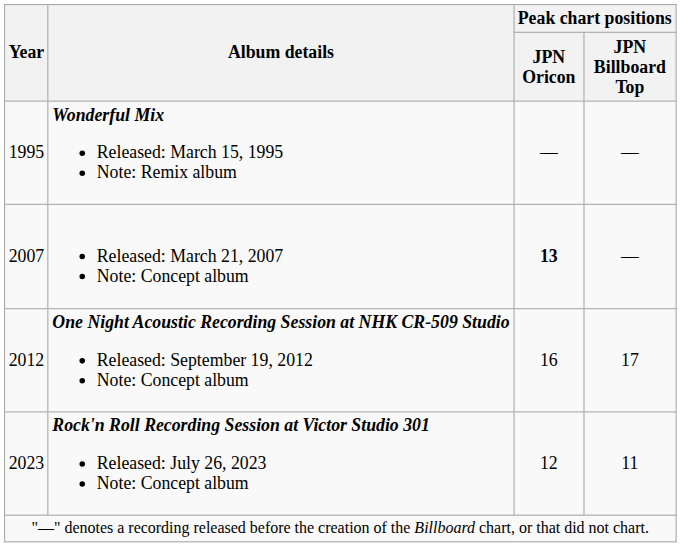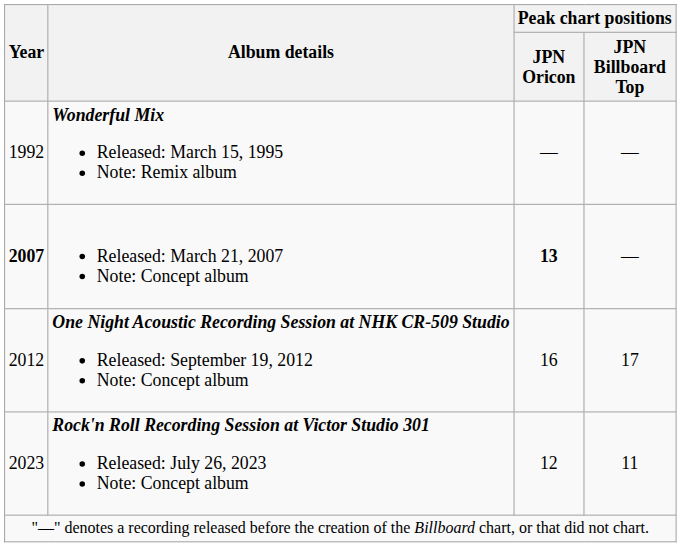 <table class="wikitable">
 <tr>
 <th scope="col" rowspan="2">Year</th>
 <th scope="col" rowspan="2">Album details</th>
 <th scope="col" colspan="2">Peak chart positions</th>
 </tr>
 <tr>
 <th>JPN<br>Oricon<br></th>
 <th>JPN<br>Billboard<br>Top<br></th>
 </tr>
 <tr>
-<td>1995</td>
+<td>1992</td>
 <td><strong><em>Wonderful Mix</em></strong><br><ul><li>Released: March 15, 1995</li><li>Note: Remix album</li></ul></td>
 <td align="center">—</td>
 <td align="center">—</td>
 </tr>
 <tr>
-<td>2007</td>
+<td><strong>2007</strong></td>
 <td><br><ul><li>Released: March 21, 2007</li><li>Note: Concept album</li></ul></td>
 <td align="center"><strong>13</strong></td>
 <td align="center">—</td>
 </tr>
 <tr>
 <td>2012</td>
 <td><strong><em>One Night Acoustic Recording Session at NHK CR-509 Studio</em></strong><br><ul><li>Released: September 19, 2012</li><li>Note: Concept album</li></ul></td>
 <td align="center">16</td>
 <td align="center">17</td>
 </tr>
 <tr>
 <td>2023</td>
 <td><strong><em>Rock'n Roll Recording Session at Victor Studio 301</em></strong><br><ul><li>Released: July 26, 2023</li><li>Note: Concept album</li></ul></td>
 <td align="center">12</td>
 <td align="center">11</td>
 </tr>
 <tr>
 <td align="center" colspan="5" style="font-size:90%">"—" denotes a recording released before the creation of the <em>Billboard</em> chart, or that did not chart.</td>
 </tr>
 </table>
